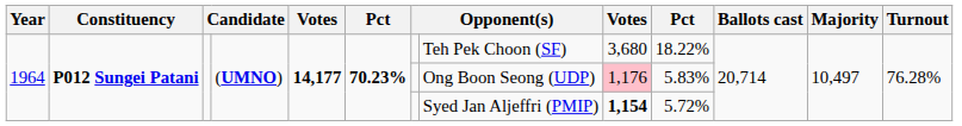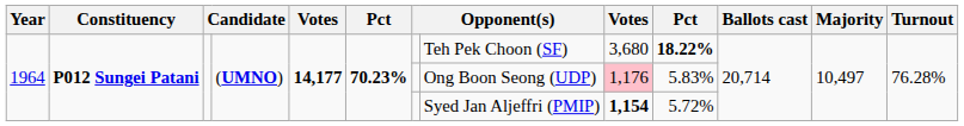 <table class="wikitable" style="margin:0.5em ; font-size:95%">
 <tr>
 <th>Year</th>
 <th>Constituency</th>
 <th colspan=2>Candidate</th>
 <th>Votes</th>
 <th>Pct</th>
 <th colspan=2>Opponent(s)</th>
 <th>Votes</th>
 <th>Pct</th>
 <th>Ballots cast</th>
 <th>Majority</th>
 <th>Turnout</th>
 </tr>
 <tr>
 <td rowspan=3><a href='#'>1964</a></td>
 <td rowspan=3><strong>P012 <a href='#'>Sungei Patani</a></strong></td>
 <td rowspan=3 ></td>
 <td rowspan=3> (<a href='#'><strong>UMNO</strong></a>)</td>
 <td rowspan=3 align=right><strong>14,177</strong></td>
 <td rowspan=3><strong>70.23%</strong></td>
 <td bgcolor=></td>
 <td>Teh Pek Choon (<a href='#'>SF</a>)</td>
 <td align=right>3,680</td>
-<td>18.22%</td>
+<td><strong>18.22%</strong></td>
 <td rowspan=3>20,714</td>
 <td rowspan=3>10,497</td>
 <td rowspan=3>76.28%</td>
 </tr>
 <tr>
 <td></td>
 <td>Ong Boon Seong (<a href='#'>UDP</a>)</td>
 <td align=right style="background: pink;">1,176</td>
 <td align=right>5.83%</td>
 </tr>
 <tr>
 <td bgcolor=></td>
 <td>Syed Jan Aljeffri (<a href='#'>PMIP</a>)</td>
 <td align=right><strong>1,154</strong></td>
 <td align=right>5.72%</td>
 </tr>
 </table>
